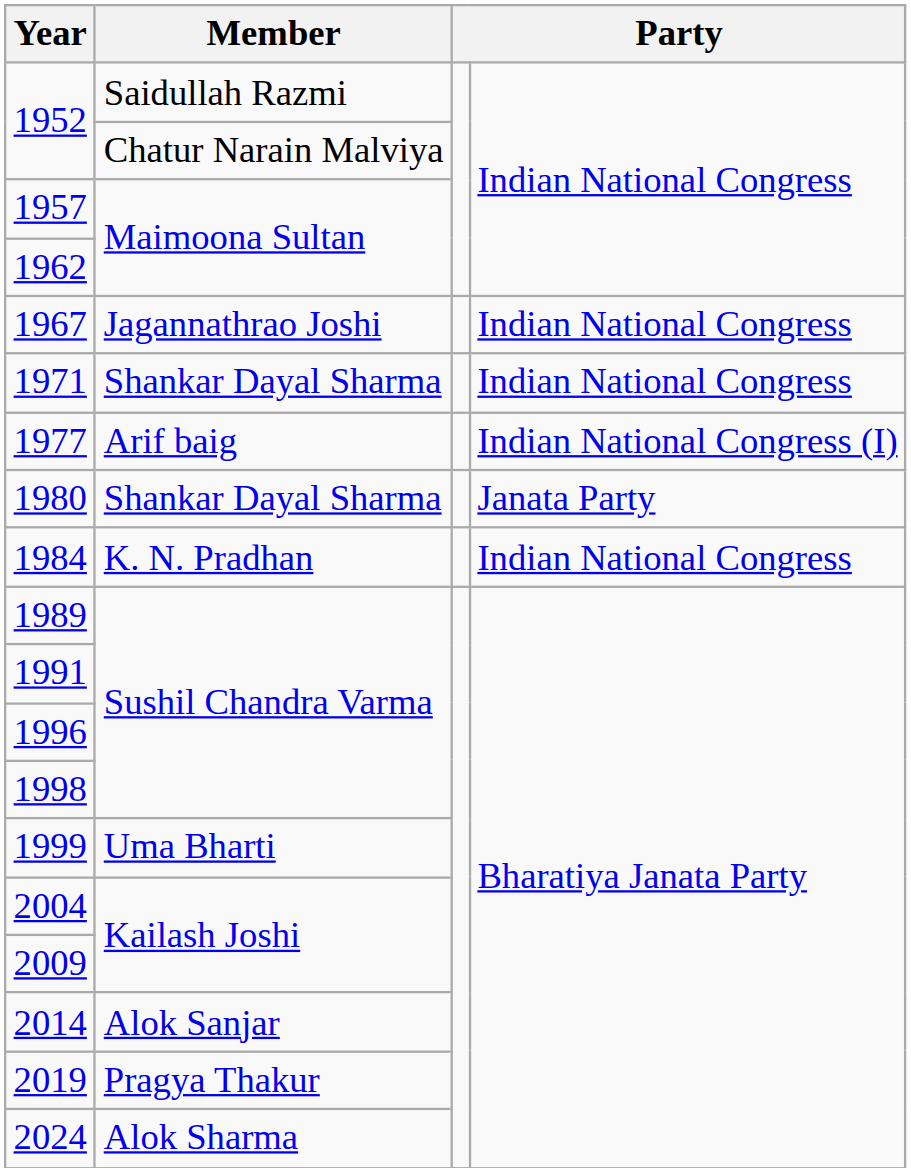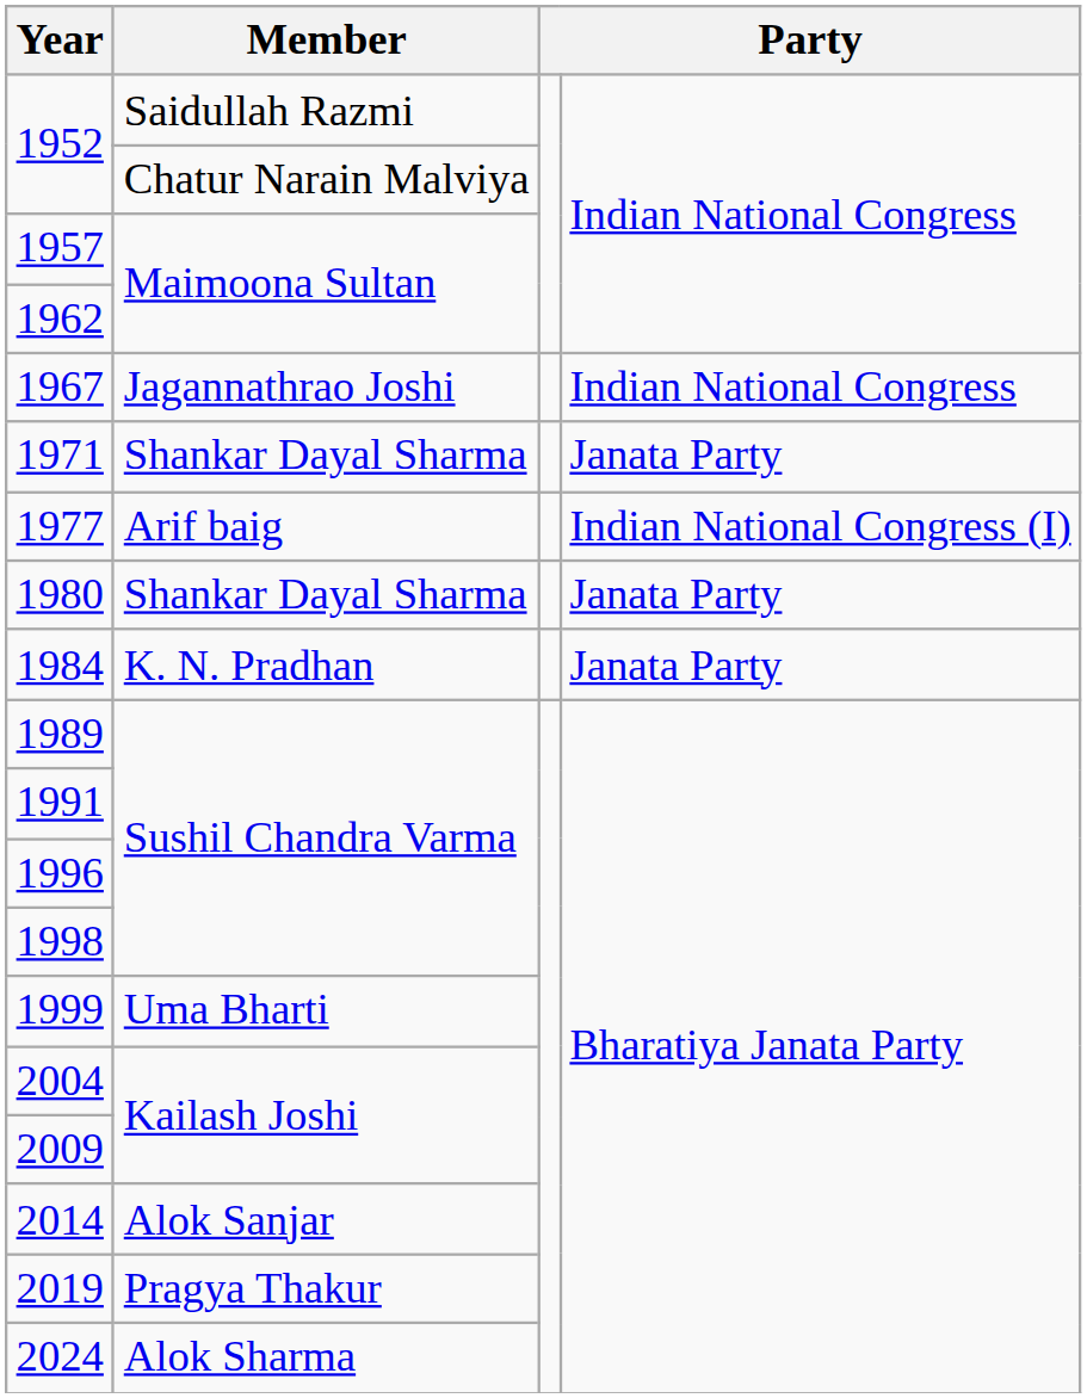 <table class="wikitable">
 <tr>
 <th>Year</th>
 <th>Member</th>
 <th colspan="2">Party</th>
 </tr>
 <tr>
 <td rowspan="2"><a href='#'>1952</a></td>
 <td>Saidullah Razmi</td>
 <td rowspan="4" style="background-color: "></td>
 <td rowspan="4"><a href='#'>Indian National Congress</a></td>
 </tr>
 <tr>
 <td>Chatur Narain Malviya</td>
 </tr>
 <tr>
 <td><a href='#'>1957</a></td>
 <td rowspan="2"><a href='#'>Maimoona Sultan</a></td>
 </tr>
 <tr>
 <td><a href='#'>1962</a></td>
 </tr>
 <tr>
 <td><a href='#'>1967</a></td>
 <td><a href='#'>Jagannathrao Joshi</a></td>
 <td style="background-color: "></td>
 <td><a href='#'>Indian National Congress</a></td>
 </tr>
 <tr>
 <td><a href='#'>1971</a></td>
 <td><a href='#'>Shankar Dayal Sharma</a></td>
 <td style="background-color: "></td>
-<td><a href='#'>Indian National Congress</a></td>
+<td><a href='#'>Janata Party</a></td>
 </tr>
 <tr>
 <td><a href='#'>1977</a></td>
 <td><a href='#'>Arif baig</a></td>
 <td style="background-color: "></td>
 <td><a href='#'>Indian National Congress (I)</a></td>
 </tr>
 <tr>
 <td><a href='#'>1980</a></td>
 <td><a href='#'>Shankar Dayal Sharma</a></td>
 <td style="background-color: "></td>
 <td><a href='#'>Janata Party</a></td>
 </tr>
 <tr>
 <td><a href='#'>1984</a></td>
 <td><a href='#'>K. N. Pradhan</a></td>
 <td style="background-color: "></td>
-<td><a href='#'>Indian National Congress</a></td>
+<td><a href='#'>Janata Party</a></td>
 </tr>
 <tr>
 <td><a href='#'>1989</a></td>
 <td rowspan=4><a href='#'>Sushil Chandra Varma</a></td>
 <td rowspan="10" style="background-color: "></td>
 <td rowspan="10"><a href='#'>Bharatiya Janata Party</a></td>
 </tr>
 <tr>
 <td><a href='#'>1991</a></td>
 </tr>
 <tr>
 <td><a href='#'>1996</a></td>
 </tr>
 <tr>
 <td><a href='#'>1998</a></td>
 </tr>
 <tr>
 <td><a href='#'>1999</a></td>
 <td><a href='#'>Uma Bharti</a></td>
 </tr>
 <tr>
 <td><a href='#'>2004</a></td>
 <td rowspan=2><a href='#'>Kailash Joshi</a></td>
 </tr>
 <tr>
 <td><a href='#'>2009</a></td>
 </tr>
 <tr>
 <td><a href='#'>2014</a></td>
 <td><a href='#'>Alok Sanjar</a></td>
 </tr>
 <tr>
 <td><a href='#'>2019</a></td>
 <td><a href='#'>Pragya Thakur</a></td>
 </tr>
 <tr>
 <td><a href='#'>2024</a></td>
 <td><a href='#'>Alok Sharma</a></td>
 </tr>
 <tr>
 </tr>
 </table>
